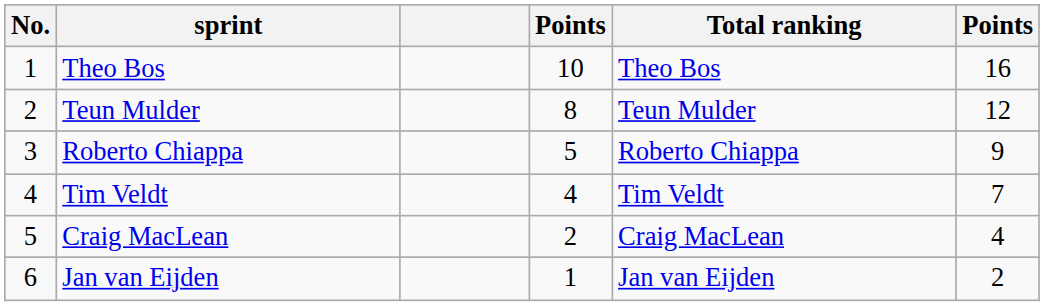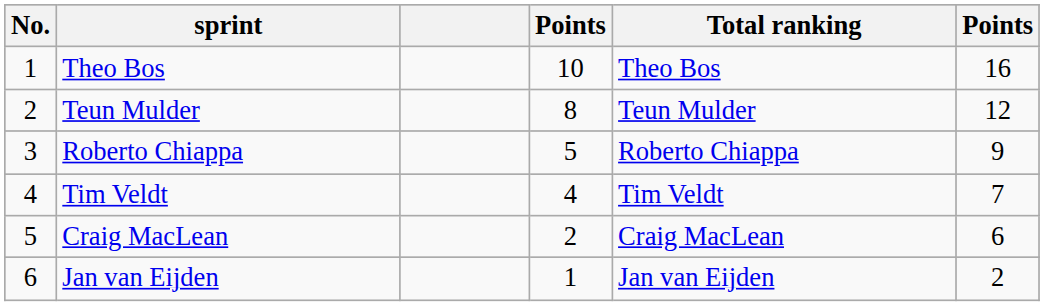 <table class="wikitable">
 <tr>
 <th width="20px">No.</th>
 <th width="200px">sprint</th>
 <th width="70px"></th>
 <th width="40px">Points</th>
 <th width="200px">Total ranking</th>
 <th width="40px">Points</th>
 </tr>
 <tr align=center>
 <td>1</td>
 <td align=left> <a href='#'>Theo Bos</a></td>
 <td></td>
 <td>10</td>
 <td align=left> <a href='#'>Theo Bos</a></td>
 <td>16</td>
 </tr>
 <tr align=center>
 <td>2</td>
 <td align=left> <a href='#'>Teun Mulder</a></td>
 <td></td>
 <td>8</td>
 <td align=left> <a href='#'>Teun Mulder</a></td>
 <td>12</td>
 </tr>
 <tr align=center>
 <td>3</td>
 <td align=left> <a href='#'>Roberto Chiappa</a></td>
 <td></td>
 <td>5</td>
 <td align=left> <a href='#'>Roberto Chiappa</a></td>
 <td>9</td>
 </tr>
 <tr align=center>
 <td>4</td>
 <td align=left> <a href='#'>Tim Veldt</a></td>
 <td></td>
 <td>4</td>
 <td align=left> <a href='#'>Tim Veldt</a></td>
 <td>7</td>
 </tr>
 <tr align=center>
 <td>5</td>
 <td align=left> <a href='#'>Craig MacLean</a></td>
 <td></td>
 <td>2</td>
 <td align=left> <a href='#'>Craig MacLean</a></td>
-<td>4</td>
+<td>6</td>
 </tr>
 <tr align=center>
 <td>6</td>
 <td align=left> <a href='#'>Jan van Eijden</a></td>
 <td></td>
 <td>1</td>
 <td align=left> <a href='#'>Jan van Eijden</a></td>
 <td>2</td>
 </tr>
 </table>
